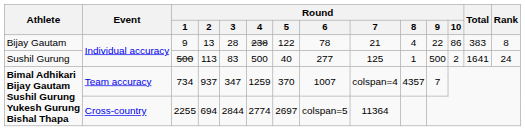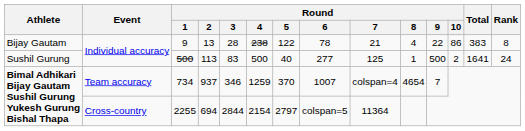 <table class=wikitable style=font-size:90%;text-align:center>
 <tr>
 <th rowspan="2">Athlete</th>
 <th rowspan="2">Event</th>
 <th colspan=10>Round</th>
 <th rowspan=2>Total</th>
 <th rowspan=2>Rank</th>
 </tr>
 <tr style="font-size:95%">
 <th>1</th>
 <th>2</th>
 <th>3</th>
 <th>4</th>
 <th>5</th>
 <th>6</th>
 <th>7</th>
 <th>8</th>
 <th>9</th>
 <th>10</th>
 </tr>
 <tr>
 <td align=left>Bijay Gautam</td>
 <td align=left rowspan=2><a href='#'>Individual accuracy</a></td>
 <td>9</td>
 <td>13</td>
 <td>28</td>
 <td><s>238</s></td>
 <td>122</td>
 <td>78</td>
 <td>21</td>
 <td>4</td>
 <td>22</td>
 <td>86</td>
 <td>383</td>
 <td>8</td>
 </tr>
 <tr>
 <td align=left>Sushil Gurung</td>
 <td><s>500</s></td>
 <td>113</td>
 <td>83</td>
 <td>500</td>
 <td>40</td>
 <td>277</td>
 <td>125</td>
 <td>1</td>
 <td>500</td>
 <td>2</td>
 <td>1641</td>
 <td>24</td>
 </tr>
 <tr>
 <td align=left rowspan=2><strong>Bimal Adhikari<br>Bijay Gautam<br>Sushil Gurung<br>Yukesh Gurung<br>Bishal Thapa</strong></td>
 <td align=left><a href='#'>Team accuracy</a></td>
 <td>734</td>
 <td>937</td>
-<td>347</td>
+<td>346</td>
 <td>1259</td>
 <td>370</td>
 <td>1007</td>
 <td>colspan=4 </td>
-<td>4357</td>
+<td>4654</td>
 <td>7</td>
 </tr>
 <tr>
 <td align=left><a href='#'>Cross-country</a></td>
 <td>2255</td>
 <td>694</td>
 <td>2844</td>
-<td>2774</td>
-<td>2697</td>
+<td>2154</td>
+<td>2797</td>
 <td>colspan=5 </td>
 <td>11364</td>
 <td></td>
 </tr>
 </table>
